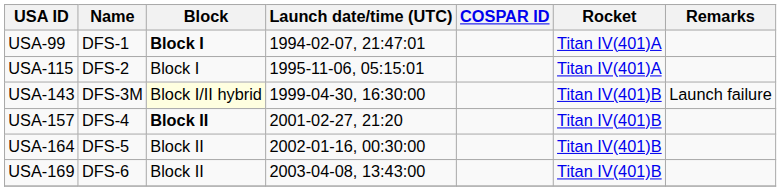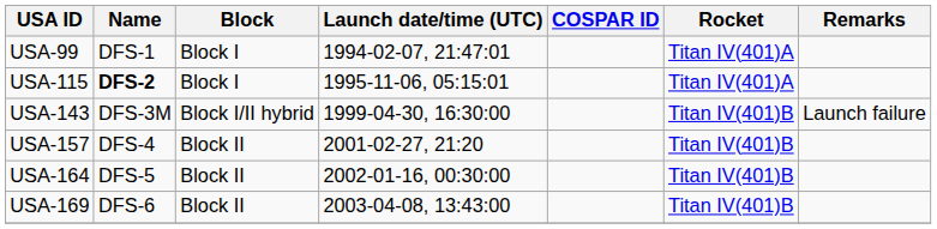 <table class="wikitable">
 <tr>
 <th>USA ID</th>
 <th>Name</th>
 <th>Block</th>
 <th>Launch date/time (UTC)</th>
 <th><a href='#'>COSPAR ID</a></th>
 <th>Rocket</th>
 <th>Remarks</th>
 </tr>
 <tr>
 <td>USA-99</td>
 <td>DFS-1</td>
-<td><strong>Block I</strong></td>
+<td>Block I</td>
 <td>1994-02-07, 21:47:01</td>
 <td></td>
 <td><a href='#'>Titan IV(401)A</a></td>
 <td></td>
 </tr>
 <tr>
 <td>USA-115</td>
-<td>DFS-2</td>
+<td><strong>DFS-2</strong></td>
 <td>Block I</td>
 <td>1995-11-06, 05:15:01</td>
 <td></td>
 <td><a href='#'>Titan IV(401)A</a></td>
 <td></td>
 </tr>
 <tr>
 <td>USA-143</td>
 <td>DFS-3M</td>
-<td style="background: lightyellow;">Block I/II hybrid</td>
+<td>Block I/II hybrid</td>
 <td>1999-04-30, 16:30:00</td>
 <td></td>
 <td><a href='#'>Titan IV(401)B</a></td>
 <td>Launch failure</td>
 </tr>
 <tr>
 <td>USA-157</td>
 <td>DFS-4</td>
-<td><strong>Block II</strong></td>
+<td>Block II</td>
 <td>2001-02-27, 21:20</td>
 <td></td>
 <td><a href='#'>Titan IV(401)B</a></td>
 <td></td>
 </tr>
 <tr>
 <td>USA-164</td>
 <td>DFS-5</td>
 <td>Block II</td>
 <td>2002-01-16, 00:30:00</td>
 <td></td>
 <td><a href='#'>Titan IV(401)B</a></td>
 <td></td>
 </tr>
 <tr>
 <td>USA-169</td>
 <td>DFS-6</td>
 <td>Block II</td>
 <td>2003-04-08, 13:43:00</td>
 <td></td>
 <td><a href='#'>Titan IV(401)B</a></td>
 <td></td>
 </tr>
 <tr>
 </tr>
 </table>
